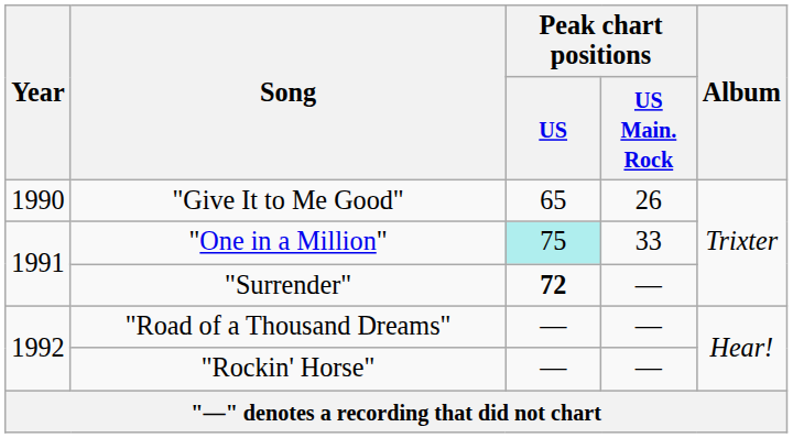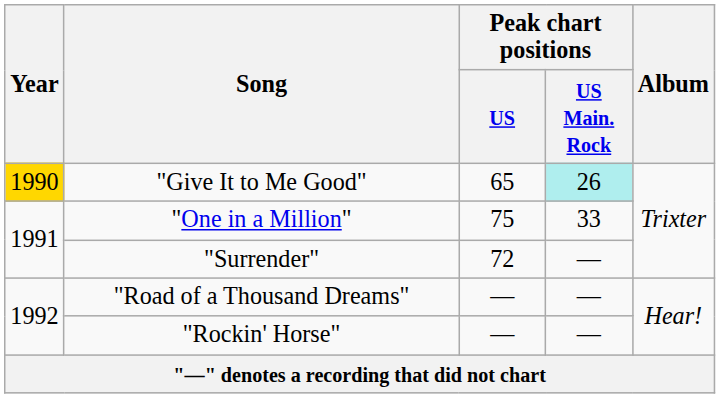 <table class="wikitable" style="text-align: center;">
 <tr>
 <th align=center rowspan=2>Year</th>
 <th width=254;' align=center rowspan=2>Song</th>
 <th align=center colspan=2>Peak chart positions</th>
 <th align=center rowspan=2>Album</th>
 </tr>
 <tr>
 <th width="50px"><small><a href='#'>US</a></small><br></th>
 <th width="50px"><small><a href='#'>US Main. Rock</a></small><br></th>
 </tr>
 <tr>
-<td>1990</td>
+<td style="background: gold;">1990</td>
 <td>"Give It to Me Good"</td>
 <td align="center">65</td>
-<td align="center">26</td>
+<td align="center" style="background: paleturquoise;">26</td>
 <td rowspan="3"><em>Trixter</em></td>
 </tr>
 <tr>
 <td rowspan="2">1991</td>
 <td>"<a href='#'>One in a Million</a>"</td>
-<td align="center" style="background: paleturquoise;">75</td>
+<td align="center">75</td>
 <td align="center">33</td>
 </tr>
 <tr>
 <td>"Surrender"</td>
-<td align="center"><strong>72</strong></td>
+<td align="center">72</td>
 <td align="center">—</td>
 </tr>
 <tr>
 <td rowspan="2">1992</td>
 <td>"Road of a Thousand Dreams"</td>
 <td align="center">—</td>
 <td align="center">—</td>
 <td rowspan="2"><em>Hear!</em></td>
 </tr>
 <tr>
 <td>"Rockin' Horse"</td>
 <td align="center">—</td>
 <td align="center">—</td>
 </tr>
 <tr>
 <th colspan="5"><small>"—" denotes a recording that did not chart</small></th>
 </tr>
 </table>
